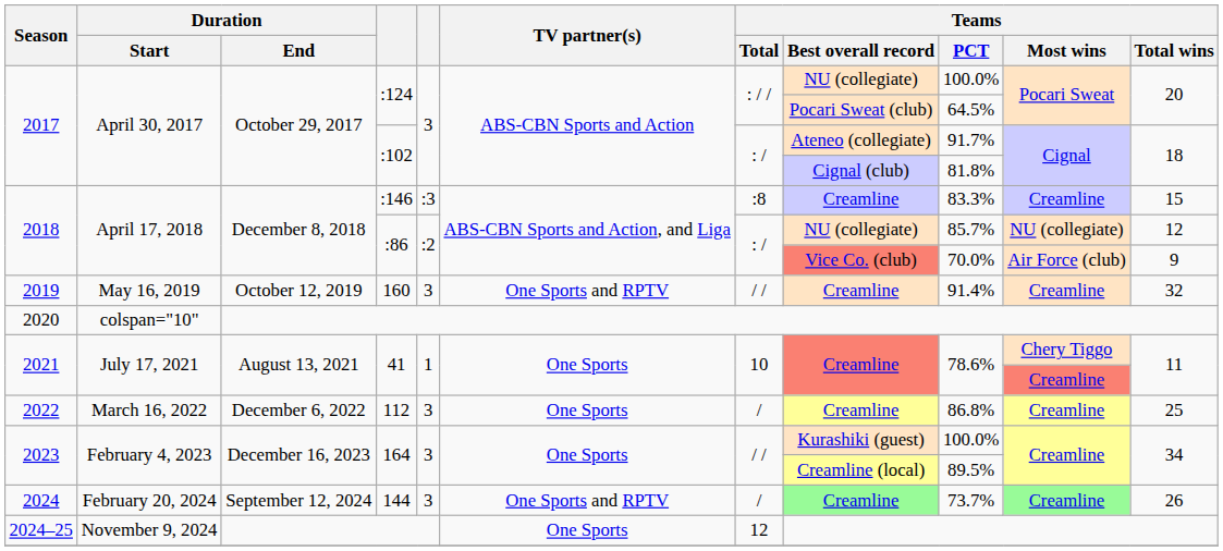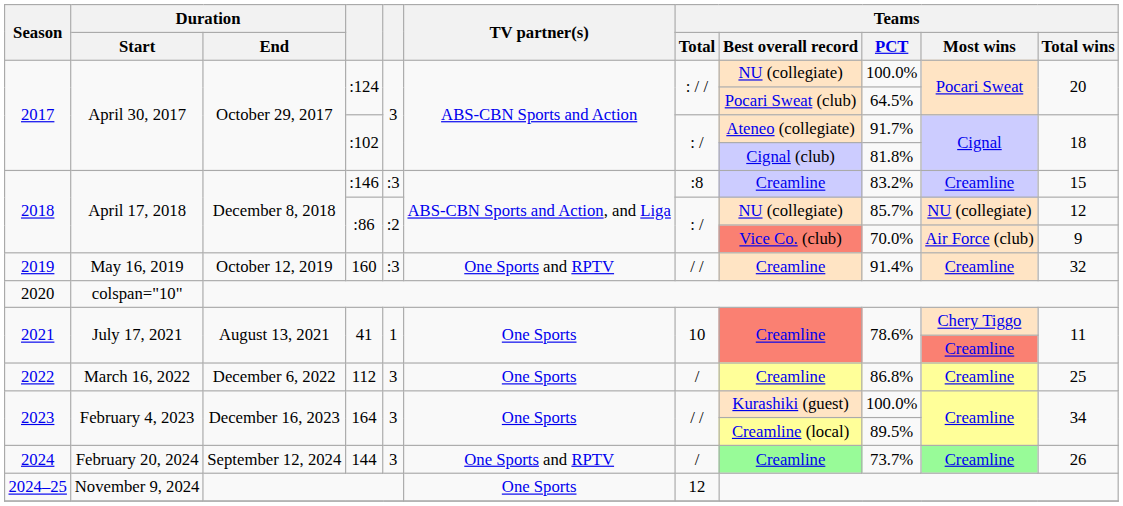 <table class="sortable wikitable" style="font-size:90%; text-align:center;">
 <tr>
 <th rowspan="2">Season</th>
 <th colspan="2">Duration</th>
 <th rowspan="2"></th>
 <th rowspan="2"></th>
 <th rowspan="2">TV partner(s)</th>
 <th colspan="5">Teams</th>
 </tr>
 <tr>
 <th>Start</th>
 <th>End</th>
 <th>Total</th>
 <th>Best overall record</th>
 <th><a href='#'>PCT</a></th>
 <th>Most wins</th>
 <th>Total wins</th>
 </tr>
 <tr>
 <td rowspan="4"><a href='#'>2017</a></td>
 <td rowspan="4">April 30, 2017</td>
 <td rowspan="4">October 29, 2017</td>
 <td rowspan="2">:124</td>
 <td rowspan="4">3</td>
 <td rowspan="4"><a href='#'>ABS-CBN Sports and Action</a></td>
 <td rowspan="2">: /  / </td>
 <td bgcolor="#ffe4c4"><a href='#'>NU</a> (collegiate)</td>
 <td>100.0%</td>
 <td rowspan="2" bgcolor="#ffe4c4"><a href='#'>Pocari Sweat</a></td>
 <td rowspan="2">20</td>
 </tr>
 <tr>
 <td bgcolor="#ffe4c4"><a href='#'>Pocari Sweat</a> (club)</td>
 <td>64.5%</td>
 </tr>
 <tr>
 <td rowspan="2">:102</td>
 <td rowspan="2">: / </td>
 <td bgcolor="#ffe4c4"><a href='#'>Ateneo</a> (collegiate)</td>
 <td>91.7%</td>
 <td rowspan="2" bgcolor="#ccccff"><a href='#'>Cignal</a></td>
 <td rowspan="2">18</td>
 </tr>
 <tr>
 <td bgcolor="#ccccff"><a href='#'>Cignal</a> (club)</td>
 <td>81.8%</td>
 </tr>
 <tr>
 <td rowspan="3"><a href='#'>2018</a></td>
 <td rowspan="3">April 17, 2018</td>
 <td rowspan="3">December 8, 2018</td>
 <td>:146</td>
 <td>:3</td>
 <td rowspan="3"><a href='#'>ABS-CBN Sports and Action</a>, and <a href='#'>Liga</a></td>
 <td>:8</td>
 <td bgcolor="#ccccff"><a href='#'>Creamline</a></td>
-<td>83.3%</td>
+<td>83.2%</td>
 <td bgcolor="#ccccff"><a href='#'>Creamline</a></td>
 <td>15</td>
 </tr>
 <tr>
 <td rowspan="2">:86</td>
 <td rowspan="2">:2</td>
 <td rowspan="2">: / </td>
 <td bgcolor="#ffe4c4"><a href='#'>NU</a> (collegiate)</td>
 <td>85.7%</td>
 <td bgcolor="#ffe4c4"><a href='#'>NU</a> (collegiate)</td>
 <td>12</td>
 </tr>
 <tr>
 <td bgcolor="salmon"><a href='#'>Vice Co.</a> (club)</td>
 <td>70.0%</td>
 <td bgcolor="#ffe4c4"><a href='#'>Air Force</a> (club)</td>
 <td>9</td>
 </tr>
 <tr>
 <td><a href='#'>2019</a></td>
 <td>May 16, 2019</td>
 <td>October 12, 2019</td>
 <td>160</td>
-<td>3</td>
+<td>:3</td>
 <td><a href='#'>One Sports</a> and <a href='#'>RPTV</a></td>
 <td> /  / </td>
 <td bgcolor="#ffe4c4"><a href='#'>Creamline</a></td>
 <td>91.4%</td>
 <td bgcolor="#ffe4c4"><a href='#'>Creamline</a></td>
 <td>32</td>
 </tr>
 <tr>
 <td>2020</td>
 <td>colspan="10"</td>
 </tr>
 <tr>
 <td rowspan="2"><a href='#'>2021</a></td>
 <td rowspan="2">July 17, 2021</td>
 <td rowspan="2">August 13, 2021</td>
 <td rowspan="2">41</td>
 <td rowspan="2">1</td>
 <td rowspan="2"><a href='#'>One Sports</a></td>
 <td rowspan="2">10</td>
 <td rowspan="2" bgcolor="salmon"><a href='#'>Creamline</a></td>
 <td rowspan="2">78.6%</td>
 <td bgcolor="#ffe4c4"><a href='#'>Chery Tiggo</a></td>
 <td rowspan="2">11</td>
 </tr>
 <tr>
 <td bgcolor="salmon"><a href='#'>Creamline</a></td>
 </tr>
 <tr>
 <td><a href='#'>2022</a></td>
 <td>March 16, 2022</td>
 <td>December 6, 2022</td>
 <td>112</td>
 <td>3</td>
 <td><a href='#'>One Sports</a></td>
 <td> / </td>
 <td bgcolor="#ffff99"><a href='#'>Creamline</a></td>
 <td>86.8%</td>
 <td bgcolor="#ffff99"><a href='#'>Creamline</a></td>
 <td>25</td>
 </tr>
 <tr>
 <td rowspan="2"><a href='#'>2023</a></td>
 <td rowspan="2">February 4, 2023</td>
 <td rowspan="2">December 16, 2023</td>
 <td rowspan="2">164</td>
 <td rowspan="2">3</td>
 <td rowspan="2"><a href='#'>One Sports</a></td>
 <td rowspan="2"> /  / </td>
 <td bgcolor="#ffe4c4"><a href='#'>Kurashiki</a> (guest)</td>
 <td>100.0%</td>
 <td rowspan="2" bgcolor="#ffff99"><a href='#'>Creamline</a></td>
 <td rowspan="2">34</td>
 </tr>
 <tr>
 <td bgcolor="#ffff99"><a href='#'>Creamline</a> (local)</td>
 <td>89.5%</td>
 </tr>
 <tr>
 <td><a href='#'>2024</a></td>
 <td>February 20, 2024</td>
 <td>September 12, 2024</td>
 <td>144</td>
 <td>3</td>
 <td><a href='#'>One Sports</a> and <a href='#'>RPTV</a></td>
 <td> / </td>
 <td bgcolor="#98fb98"><a href='#'>Creamline</a></td>
 <td>73.7%</td>
 <td bgcolor="#98fb98"><a href='#'>Creamline</a></td>
 <td>26</td>
 </tr>
 <tr>
 <td><a href='#'>2024–25</a></td>
 <td>November 9, 2024</td>
 <td colspan="3"></td>
 <td><a href='#'>One Sports</a></td>
 <td>12</td>
 <td colspan="4"></td>
 </tr>
 <tr>
 </tr>
 </table>
